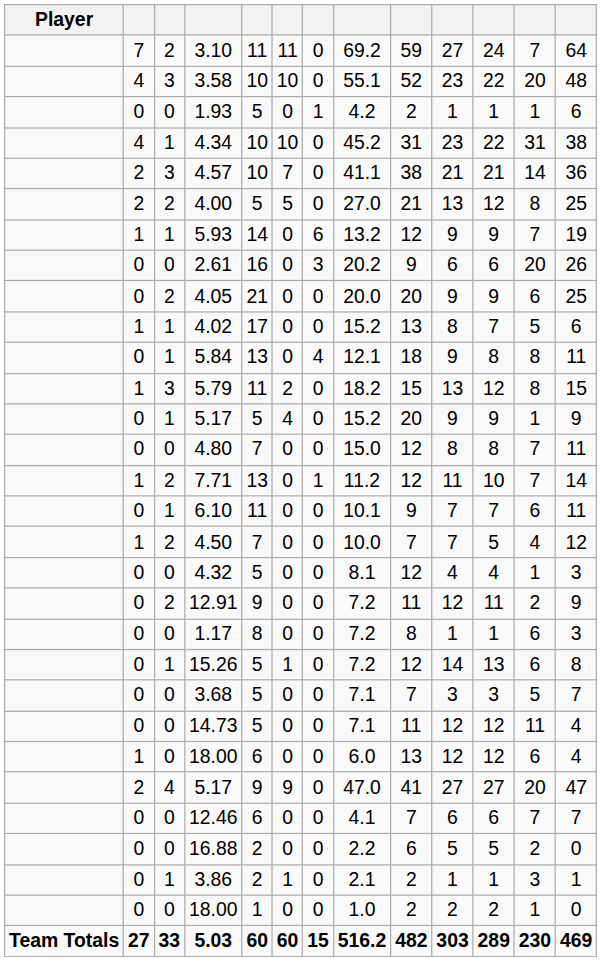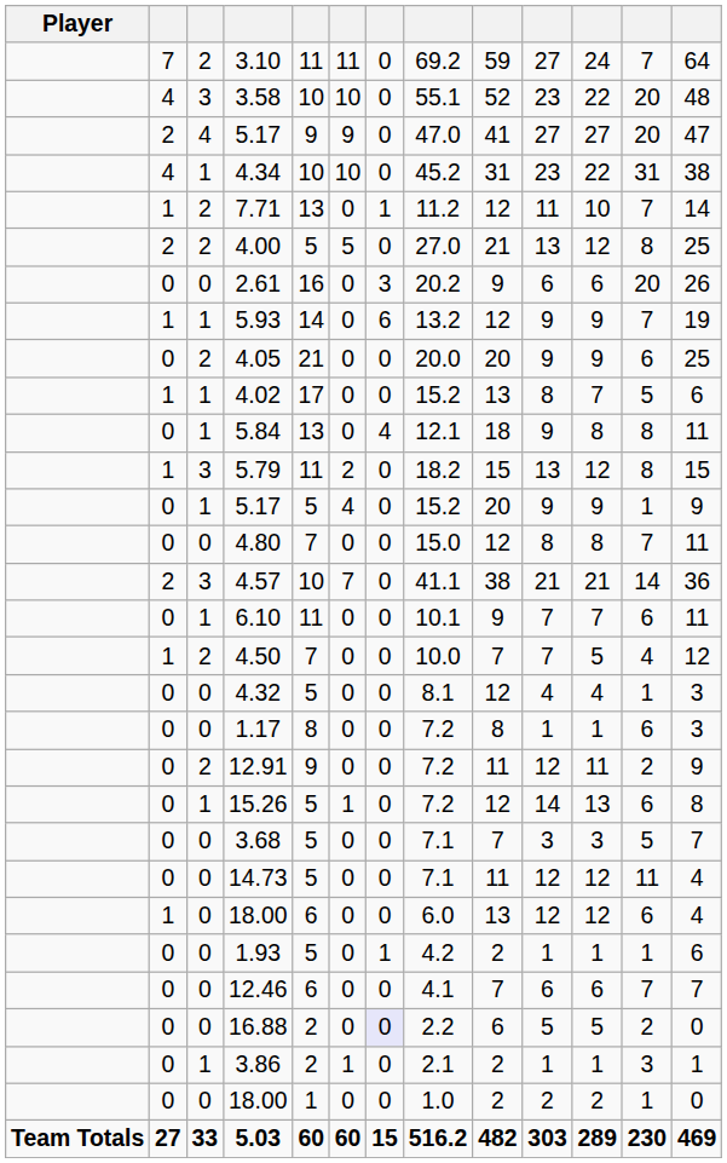 <table class="wikitable sortable" style="text-align:center;">
 <tr>
 <th>Player</th>
 <th></th>
 <th></th>
 <th></th>
 <th></th>
 <th></th>
 <th></th>
 <th></th>
 <th></th>
 <th></th>
 <th></th>
 <th></th>
 <th></th>
 </tr>
 <tr>
 <td align="left"></td>
 <td>7</td>
 <td>2</td>
 <td>3.10</td>
 <td>11</td>
 <td>11</td>
 <td>0</td>
 <td>69.2</td>
 <td>59</td>
 <td>27</td>
 <td>24</td>
 <td>7</td>
 <td>64</td>
 </tr>
 <tr>
 <td align="left"></td>
 <td>4</td>
 <td>3</td>
 <td>3.58</td>
 <td>10</td>
 <td>10</td>
 <td>0</td>
 <td>55.1</td>
 <td>52</td>
 <td>23</td>
 <td>22</td>
 <td>20</td>
 <td>48</td>
 </tr>
 <tr>
 <td align="left"></td>
+<td>2</td>
+<td>4</td>
+<td>5.17</td>
+<td>9</td>
+<td>9</td>
 <td>0</td>
-<td>0</td>
-<td>1.93</td>
-<td>5</td>
-<td>0</td>
-<td>1</td>
-<td>4.2</td>
-<td>2</td>
-<td>1</td>
-<td>1</td>
-<td>1</td>
-<td>6</td>
+<td>47.0</td>
+<td>41</td>
+<td>27</td>
+<td>27</td>
+<td>20</td>
+<td>47</td>
 </tr>
 <tr>
 <td align="left"></td>
 <td>4</td>
 <td>1</td>
 <td>4.34</td>
 <td>10</td>
 <td>10</td>
 <td>0</td>
 <td>45.2</td>
 <td>31</td>
 <td>23</td>
 <td>22</td>
 <td>31</td>
 <td>38</td>
 </tr>
 <tr>
 <td align="left"></td>
+<td>1</td>
 <td>2</td>
-<td>3</td>
-<td>4.57</td>
+<td>7.71</td>
+<td>13</td>
+<td>0</td>
+<td>1</td>
+<td>11.2</td>
+<td>12</td>
+<td>11</td>
 <td>10</td>
 <td>7</td>
-<td>0</td>
-<td>41.1</td>
-<td>38</td>
-<td>21</td>
-<td>21</td>
 <td>14</td>
-<td>36</td>
 </tr>
 <tr>
 <td align="left"></td>
 <td>2</td>
 <td>2</td>
 <td>4.00</td>
 <td>5</td>
 <td>5</td>
 <td>0</td>
 <td>27.0</td>
 <td>21</td>
 <td>13</td>
 <td>12</td>
 <td>8</td>
 <td>25</td>
 </tr>
 <tr>
 <td align="left"></td>
+<td>0</td>
+<td>0</td>
+<td>2.61</td>
+<td>16</td>
+<td>0</td>
+<td>3</td>
+<td>20.2</td>
+<td>9</td>
+<td>6</td>
+<td>6</td>
+<td>20</td>
+<td>26</td>
+</tr>
+<tr>
+<td align="left"></td>
 <td>1</td>
 <td>1</td>
 <td>5.93</td>
 <td>14</td>
 <td>0</td>
 <td>6</td>
 <td>13.2</td>
 <td>12</td>
 <td>9</td>
 <td>9</td>
 <td>7</td>
 <td>19</td>
-</tr>
-<tr>
-<td align="left"></td>
-<td>0</td>
-<td>0</td>
-<td>2.61</td>
-<td>16</td>
-<td>0</td>
-<td>3</td>
-<td>20.2</td>
-<td>9</td>
-<td>6</td>
-<td>6</td>
-<td>20</td>
-<td>26</td>
 </tr>
 <tr>
 <td align="left"></td>
 <td>0</td>
 <td>2</td>
 <td>4.05</td>
 <td>21</td>
 <td>0</td>
 <td>0</td>
 <td>20.0</td>
 <td>20</td>
 <td>9</td>
 <td>9</td>
 <td>6</td>
 <td>25</td>
 </tr>
 <tr>
 <td align="left"></td>
 <td>1</td>
 <td>1</td>
 <td>4.02</td>
 <td>17</td>
 <td>0</td>
 <td>0</td>
 <td>15.2</td>
 <td>13</td>
 <td>8</td>
 <td>7</td>
 <td>5</td>
 <td>6</td>
 </tr>
 <tr>
 <td align="left"></td>
 <td>0</td>
 <td>1</td>
 <td>5.84</td>
 <td>13</td>
 <td>0</td>
 <td>4</td>
 <td>12.1</td>
 <td>18</td>
 <td>9</td>
 <td>8</td>
 <td>8</td>
 <td>11</td>
 </tr>
 <tr>
 <td align="left"></td>
 <td>1</td>
 <td>3</td>
 <td>5.79</td>
 <td>11</td>
 <td>2</td>
 <td>0</td>
 <td>18.2</td>
 <td>15</td>
 <td>13</td>
 <td>12</td>
 <td>8</td>
 <td>15</td>
 </tr>
 <tr>
 <td align="left"></td>
 <td>0</td>
 <td>1</td>
 <td>5.17</td>
 <td>5</td>
 <td>4</td>
 <td>0</td>
 <td>15.2</td>
 <td>20</td>
 <td>9</td>
 <td>9</td>
 <td>1</td>
 <td>9</td>
 </tr>
 <tr>
 <td align="left"></td>
 <td>0</td>
 <td>0</td>
 <td>4.80</td>
 <td>7</td>
 <td>0</td>
 <td>0</td>
 <td>15.0</td>
 <td>12</td>
 <td>8</td>
 <td>8</td>
 <td>7</td>
 <td>11</td>
 </tr>
 <tr>
 <td align="left"></td>
-<td>1</td>
 <td>2</td>
-<td>7.71</td>
-<td>13</td>
-<td>0</td>
-<td>1</td>
-<td>11.2</td>
-<td>12</td>
-<td>11</td>
+<td>3</td>
+<td>4.57</td>
 <td>10</td>
 <td>7</td>
+<td>0</td>
+<td>41.1</td>
+<td>38</td>
+<td>21</td>
+<td>21</td>
 <td>14</td>
+<td>36</td>
 </tr>
 <tr>
 <td align="left"></td>
 <td>0</td>
 <td>1</td>
 <td>6.10</td>
 <td>11</td>
 <td>0</td>
 <td>0</td>
 <td>10.1</td>
 <td>9</td>
 <td>7</td>
 <td>7</td>
 <td>6</td>
 <td>11</td>
 </tr>
 <tr>
 <td align="left"></td>
 <td>1</td>
 <td>2</td>
 <td>4.50</td>
 <td>7</td>
 <td>0</td>
 <td>0</td>
 <td>10.0</td>
 <td>7</td>
 <td>7</td>
 <td>5</td>
 <td>4</td>
 <td>12</td>
 </tr>
 <tr>
 <td align="left"></td>
 <td>0</td>
 <td>0</td>
 <td>4.32</td>
 <td>5</td>
 <td>0</td>
 <td>0</td>
 <td>8.1</td>
 <td>12</td>
 <td>4</td>
 <td>4</td>
 <td>1</td>
 <td>3</td>
 </tr>
 <tr>
 <td align="left"></td>
 <td>0</td>
+<td>0</td>
+<td>1.17</td>
+<td>8</td>
+<td>0</td>
+<td>0</td>
+<td>7.2</td>
+<td>8</td>
+<td>1</td>
+<td>1</td>
+<td>6</td>
+<td>3</td>
+</tr>
+<tr>
+<td align="left"></td>
+<td>0</td>
 <td>2</td>
 <td>12.91</td>
 <td>9</td>
 <td>0</td>
 <td>0</td>
 <td>7.2</td>
 <td>11</td>
 <td>12</td>
 <td>11</td>
 <td>2</td>
 <td>9</td>
-</tr>
-<tr>
-<td align="left"></td>
-<td>0</td>
-<td>0</td>
-<td>1.17</td>
-<td>8</td>
-<td>0</td>
-<td>0</td>
-<td>7.2</td>
-<td>8</td>
-<td>1</td>
-<td>1</td>
-<td>6</td>
-<td>3</td>
 </tr>
 <tr>
 <td align="left"></td>
 <td>0</td>
 <td>1</td>
 <td>15.26</td>
 <td>5</td>
 <td>1</td>
 <td>0</td>
 <td>7.2</td>
 <td>12</td>
 <td>14</td>
 <td>13</td>
 <td>6</td>
 <td>8</td>
 </tr>
 <tr>
 <td align="left"></td>
 <td>0</td>
 <td>0</td>
 <td>3.68</td>
 <td>5</td>
 <td>0</td>
 <td>0</td>
 <td>7.1</td>
 <td>7</td>
 <td>3</td>
 <td>3</td>
 <td>5</td>
 <td>7</td>
 </tr>
 <tr>
 <td align="left"></td>
 <td>0</td>
 <td>0</td>
 <td>14.73</td>
 <td>5</td>
 <td>0</td>
 <td>0</td>
 <td>7.1</td>
 <td>11</td>
 <td>12</td>
 <td>12</td>
 <td>11</td>
 <td>4</td>
 </tr>
 <tr>
 <td align="left"></td>
 <td>1</td>
 <td>0</td>
 <td>18.00</td>
 <td>6</td>
 <td>0</td>
 <td>0</td>
 <td>6.0</td>
 <td>13</td>
 <td>12</td>
 <td>12</td>
 <td>6</td>
 <td>4</td>
 </tr>
 <tr>
 <td align="left"></td>
+<td>0</td>
+<td>0</td>
+<td>1.93</td>
+<td>5</td>
+<td>0</td>
+<td>1</td>
+<td>4.2</td>
 <td>2</td>
-<td>4</td>
-<td>5.17</td>
-<td>9</td>
-<td>9</td>
-<td>0</td>
-<td>47.0</td>
-<td>41</td>
-<td>27</td>
-<td>27</td>
-<td>20</td>
-<td>47</td>
+<td>1</td>
+<td>1</td>
+<td>1</td>
+<td>6</td>
 </tr>
 <tr>
 <td align="left"></td>
 <td>0</td>
 <td>0</td>
 <td>12.46</td>
 <td>6</td>
 <td>0</td>
 <td>0</td>
 <td>4.1</td>
 <td>7</td>
 <td>6</td>
 <td>6</td>
 <td>7</td>
 <td>7</td>
 </tr>
 <tr>
 <td align="left"></td>
 <td>0</td>
 <td>0</td>
 <td>16.88</td>
 <td>2</td>
 <td>0</td>
-<td>0</td>
+<td style="background: lavender;">0</td>
 <td>2.2</td>
 <td>6</td>
 <td>5</td>
 <td>5</td>
 <td>2</td>
 <td>0</td>
 </tr>
 <tr>
 <td align="left"></td>
 <td>0</td>
 <td>1</td>
 <td>3.86</td>
 <td>2</td>
 <td>1</td>
 <td>0</td>
 <td>2.1</td>
 <td>2</td>
 <td>1</td>
 <td>1</td>
 <td>3</td>
 <td>1</td>
 </tr>
 <tr>
 <td align="left"></td>
 <td>0</td>
 <td>0</td>
 <td>18.00</td>
 <td>1</td>
 <td>0</td>
 <td>0</td>
 <td>1.0</td>
 <td>2</td>
 <td>2</td>
 <td>2</td>
 <td>1</td>
 <td>0</td>
 </tr>
 <tr>
 <td align="left"><strong>Team Totals</strong></td>
 <td><strong>27</strong></td>
 <td><strong>33</strong></td>
 <td><strong>5.03</strong></td>
 <td><strong>60</strong></td>
 <td><strong>60</strong></td>
 <td><strong>15</strong></td>
 <td><strong>516.2</strong></td>
 <td><strong>482</strong></td>
 <td><strong>303</strong></td>
 <td><strong>289</strong></td>
 <td><strong>230</strong></td>
 <td><strong>469</strong></td>
 </tr>
 <tr class=="sortbottom">
 </tr>
 </table>
